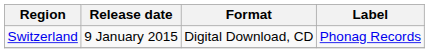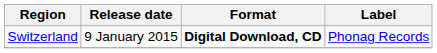 <table class="wikitable">
 <tr>
 <th>Region</th>
 <th>Release date</th>
 <th>Format</th>
 <th>Label</th>
 </tr>
 <tr>
 <td><a href='#'>Switzerland</a></td>
 <td>9 January 2015</td>
-<td>Digital Download, CD</td>
+<td><strong>Digital Download, CD</strong></td>
 <td><a href='#'>Phonag Records</a></td>
 </tr>
 <tr>
 </tr>
 </table>
